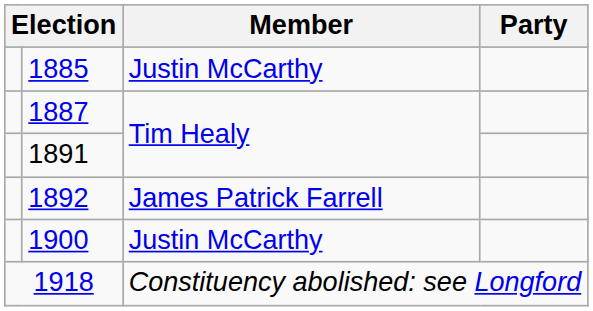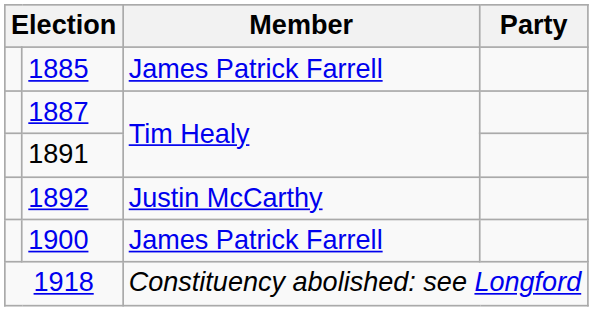 <table class="wikitable">
 <tr>
 <th colspan="2">Election</th>
 <th>Member</th>
 <th>Party</th>
 </tr>
 <tr>
 <td style="color:inherit;background-color: "></td>
 <td><a href='#'>1885</a></td>
-<td><a href='#'>Justin McCarthy</a></td>
+<td><a href='#'>James Patrick Farrell</a></td>
 <td></td>
 </tr>
 <tr>
 <td style="color:inherit;background-color: "></td>
 <td><a href='#'>1887</a></td>
 <td rowspan=2><a href='#'>Tim Healy</a></td>
 <td></td>
 </tr>
 <tr>
 <td style="color:inherit;background-color: "></td>
 <td>1891</td>
 <td></td>
 </tr>
 <tr>
 <td style="color:inherit;background-color: "></td>
 <td><a href='#'>1892</a></td>
-<td><a href='#'>James Patrick Farrell</a></td>
+<td><a href='#'>Justin McCarthy</a></td>
 <td></td>
 </tr>
 <tr>
 <td style="color:inherit;background-color: "></td>
 <td><a href='#'>1900</a></td>
-<td><a href='#'>Justin McCarthy</a></td>
+<td><a href='#'>James Patrick Farrell</a></td>
 <td></td>
 </tr>
 <tr>
 <td colspan="2" align="center"><a href='#'>1918</a></td>
 <td colspan="2"><em>Constituency abolished: see <a href='#'>Longford</a></em></td>
 </tr>
 </table>
